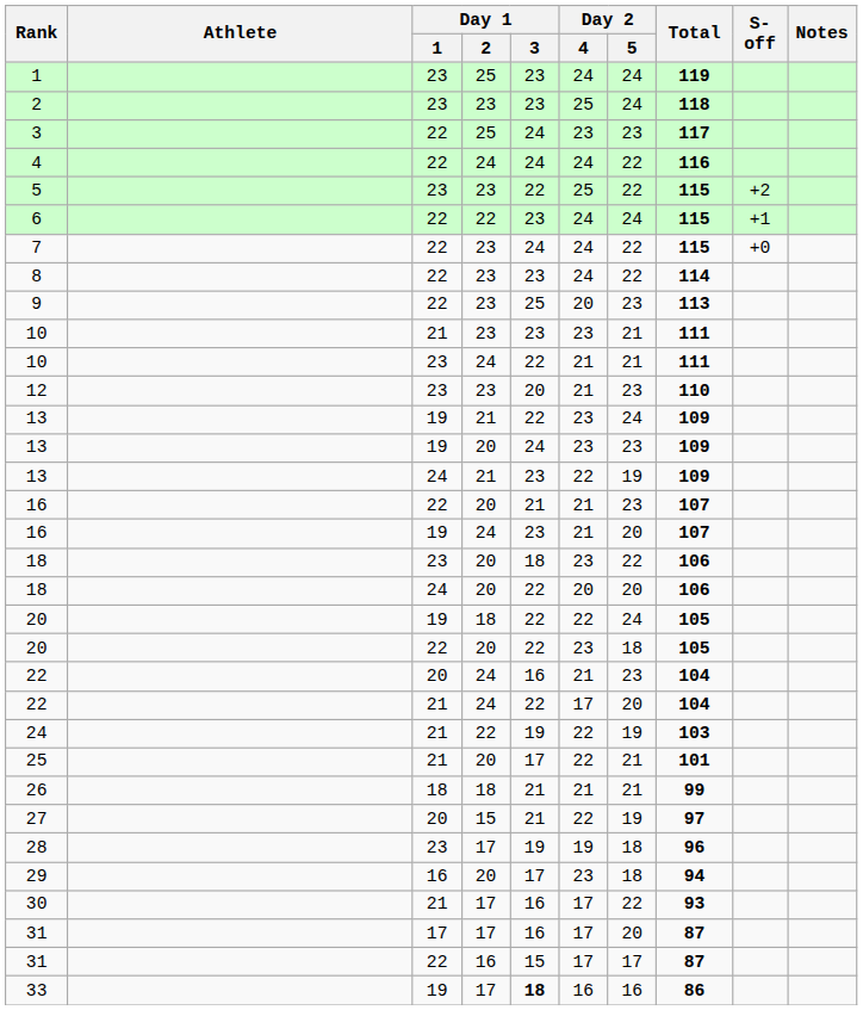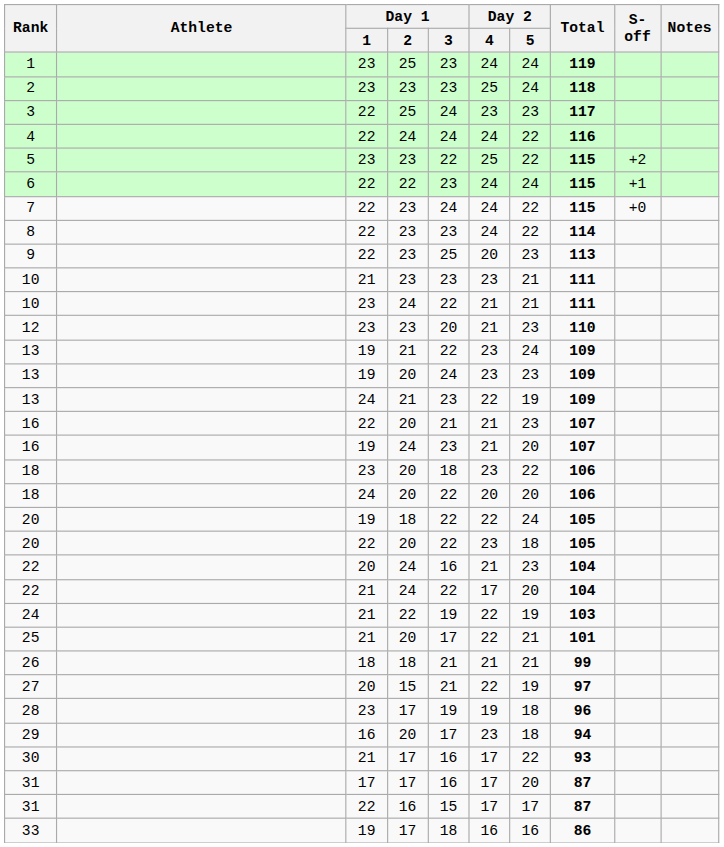 <table class="wikitable" style="text-align:center">
 <tr>
 <th rowspan=2 width=40>Rank</th>
 <th rowspan=2 width=250>Athlete</th>
 <th colspan=3>Day 1</th>
 <th colspan=2>Day 2</th>
 <th rowspan=2 width=50>Total</th>
 <th rowspan=2 width=35>S-off</th>
 <th rowspan=2 width=45>Notes</th>
 </tr>
 <tr>
 <th width=30>1</th>
 <th width=30>2</th>
 <th width=30>3</th>
 <th width=30>4</th>
 <th width=30>5</th>
 </tr>
 <tr bgcolor=ccffcc>
 <td>1</td>
 <td align=left></td>
 <td>23</td>
 <td>25</td>
 <td>23</td>
 <td>24</td>
 <td>24</td>
 <td><strong>119</strong></td>
 <td></td>
 <td></td>
 </tr>
 <tr bgcolor=ccffcc>
 <td>2</td>
 <td align=left></td>
 <td>23</td>
 <td>23</td>
 <td>23</td>
 <td>25</td>
 <td>24</td>
 <td><strong>118</strong></td>
 <td></td>
 <td></td>
 </tr>
 <tr bgcolor=ccffcc>
 <td>3</td>
 <td align=left></td>
 <td>22</td>
 <td>25</td>
 <td>24</td>
 <td>23</td>
 <td>23</td>
 <td><strong>117</strong></td>
 <td></td>
 <td></td>
 </tr>
 <tr bgcolor=ccffcc>
 <td>4</td>
 <td align=left></td>
 <td>22</td>
 <td>24</td>
 <td>24</td>
 <td>24</td>
 <td>22</td>
 <td><strong>116</strong></td>
 <td></td>
 <td></td>
 </tr>
 <tr bgcolor=ccffcc>
 <td>5</td>
 <td align=left></td>
 <td>23</td>
 <td>23</td>
 <td>22</td>
 <td>25</td>
 <td>22</td>
 <td><strong>115</strong></td>
 <td>+2</td>
 <td></td>
 </tr>
 <tr bgcolor=ccffcc>
 <td>6</td>
 <td align=left></td>
 <td>22</td>
 <td>22</td>
 <td>23</td>
 <td>24</td>
 <td>24</td>
 <td><strong>115</strong></td>
 <td>+1</td>
 <td></td>
 </tr>
 <tr>
 <td>7</td>
 <td align=left></td>
 <td>22</td>
 <td>23</td>
 <td>24</td>
 <td>24</td>
 <td>22</td>
 <td><strong>115</strong></td>
 <td>+0</td>
 <td></td>
 </tr>
 <tr>
 <td>8</td>
 <td align=left></td>
 <td>22</td>
 <td>23</td>
 <td>23</td>
 <td>24</td>
 <td>22</td>
 <td><strong>114</strong></td>
 <td></td>
 <td></td>
 </tr>
 <tr>
 <td>9</td>
 <td align=left></td>
 <td>22</td>
 <td>23</td>
 <td>25</td>
 <td>20</td>
 <td>23</td>
 <td><strong>113</strong></td>
 <td></td>
 <td></td>
 </tr>
 <tr>
 <td>10</td>
 <td align=left></td>
 <td>21</td>
 <td>23</td>
 <td>23</td>
 <td>23</td>
 <td>21</td>
 <td><strong>111</strong></td>
 <td></td>
 <td></td>
 </tr>
 <tr>
 <td>10</td>
 <td align=left></td>
 <td>23</td>
 <td>24</td>
 <td>22</td>
 <td>21</td>
 <td>21</td>
 <td><strong>111</strong></td>
 <td></td>
 <td></td>
 </tr>
 <tr>
 <td>12</td>
 <td align=left></td>
 <td>23</td>
 <td>23</td>
 <td>20</td>
 <td>21</td>
 <td>23</td>
 <td><strong>110</strong></td>
 <td></td>
 <td></td>
 </tr>
 <tr>
 <td>13</td>
 <td align=left></td>
 <td>19</td>
 <td>21</td>
 <td>22</td>
 <td>23</td>
 <td>24</td>
 <td><strong>109</strong></td>
 <td></td>
 <td></td>
 </tr>
 <tr>
 <td>13</td>
 <td align=left></td>
 <td>19</td>
 <td>20</td>
 <td>24</td>
 <td>23</td>
 <td>23</td>
 <td><strong>109</strong></td>
 <td></td>
 <td></td>
 </tr>
 <tr>
 <td>13</td>
 <td align=left></td>
 <td>24</td>
 <td>21</td>
 <td>23</td>
 <td>22</td>
 <td>19</td>
 <td><strong>109</strong></td>
 <td></td>
 <td></td>
 </tr>
 <tr>
 <td>16</td>
 <td align=left></td>
 <td>22</td>
 <td>20</td>
 <td>21</td>
 <td>21</td>
 <td>23</td>
 <td><strong>107</strong></td>
 <td></td>
 <td></td>
 </tr>
 <tr>
 <td>16</td>
 <td align=left></td>
 <td>19</td>
 <td>24</td>
 <td>23</td>
 <td>21</td>
 <td>20</td>
 <td><strong>107</strong></td>
 <td></td>
 <td></td>
 </tr>
 <tr>
 <td>18</td>
 <td align=left></td>
 <td>23</td>
 <td>20</td>
 <td>18</td>
 <td>23</td>
 <td>22</td>
 <td><strong>106</strong></td>
 <td></td>
 <td></td>
 </tr>
 <tr>
 <td>18</td>
 <td align=left></td>
 <td>24</td>
 <td>20</td>
 <td>22</td>
 <td>20</td>
 <td>20</td>
 <td><strong>106</strong></td>
 <td></td>
 <td></td>
 </tr>
 <tr>
 <td>20</td>
 <td align=left></td>
 <td>19</td>
 <td>18</td>
 <td>22</td>
 <td>22</td>
 <td>24</td>
 <td><strong>105</strong></td>
 <td></td>
 <td></td>
 </tr>
 <tr>
 <td>20</td>
 <td align=left></td>
 <td>22</td>
 <td>20</td>
 <td>22</td>
 <td>23</td>
 <td>18</td>
 <td><strong>105</strong></td>
 <td></td>
 <td></td>
 </tr>
 <tr>
 <td>22</td>
 <td align=left></td>
 <td>20</td>
 <td>24</td>
 <td>16</td>
 <td>21</td>
 <td>23</td>
 <td><strong>104</strong></td>
 <td></td>
 <td></td>
 </tr>
 <tr>
 <td>22</td>
 <td align=left></td>
 <td>21</td>
 <td>24</td>
 <td>22</td>
 <td>17</td>
 <td>20</td>
 <td><strong>104</strong></td>
 <td></td>
 <td></td>
 </tr>
 <tr>
 <td>24</td>
 <td align=left></td>
 <td>21</td>
 <td>22</td>
 <td>19</td>
 <td>22</td>
 <td>19</td>
 <td><strong>103</strong></td>
 <td></td>
 <td></td>
 </tr>
 <tr>
 <td>25</td>
 <td align=left></td>
 <td>21</td>
 <td>20</td>
 <td>17</td>
 <td>22</td>
 <td>21</td>
 <td><strong>101</strong></td>
 <td></td>
 <td></td>
 </tr>
 <tr>
 <td>26</td>
 <td align=left></td>
 <td>18</td>
 <td>18</td>
 <td>21</td>
 <td>21</td>
 <td>21</td>
 <td><strong>99</strong></td>
 <td></td>
 <td></td>
 </tr>
 <tr>
 <td>27</td>
 <td align=left></td>
 <td>20</td>
 <td>15</td>
 <td>21</td>
 <td>22</td>
 <td>19</td>
 <td><strong>97</strong></td>
 <td></td>
 <td></td>
 </tr>
 <tr>
 <td>28</td>
 <td align=left></td>
 <td>23</td>
 <td>17</td>
 <td>19</td>
 <td>19</td>
 <td>18</td>
 <td><strong>96</strong></td>
 <td></td>
 <td></td>
 </tr>
 <tr>
 <td>29</td>
 <td align=left></td>
 <td>16</td>
 <td>20</td>
 <td>17</td>
 <td>23</td>
 <td>18</td>
 <td><strong>94</strong></td>
 <td></td>
 <td></td>
 </tr>
 <tr>
 <td>30</td>
 <td align=left></td>
 <td>21</td>
 <td>17</td>
 <td>16</td>
 <td>17</td>
 <td>22</td>
 <td><strong>93</strong></td>
 <td></td>
 <td></td>
 </tr>
 <tr>
 <td>31</td>
 <td align=left></td>
 <td>17</td>
 <td>17</td>
 <td>16</td>
 <td>17</td>
 <td>20</td>
 <td><strong>87</strong></td>
 <td></td>
 <td></td>
 </tr>
 <tr>
 <td>31</td>
 <td align=left></td>
 <td>22</td>
 <td>16</td>
 <td>15</td>
 <td>17</td>
 <td>17</td>
 <td><strong>87</strong></td>
 <td></td>
 <td></td>
 </tr>
 <tr>
 <td>33</td>
 <td align=left></td>
 <td>19</td>
 <td>17</td>
-<td><strong>18</strong></td>
+<td>18</td>
 <td>16</td>
 <td>16</td>
 <td><strong>86</strong></td>
 <td></td>
 <td></td>
 </tr>
 </table>
